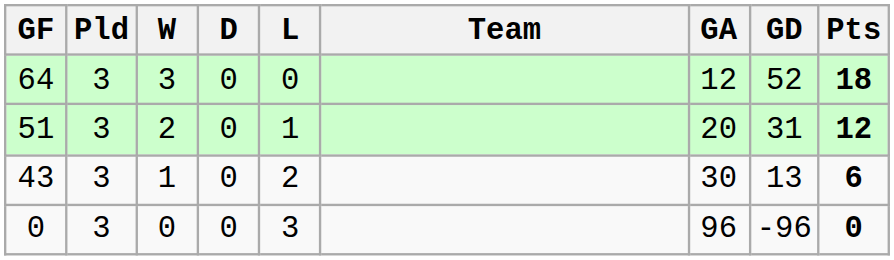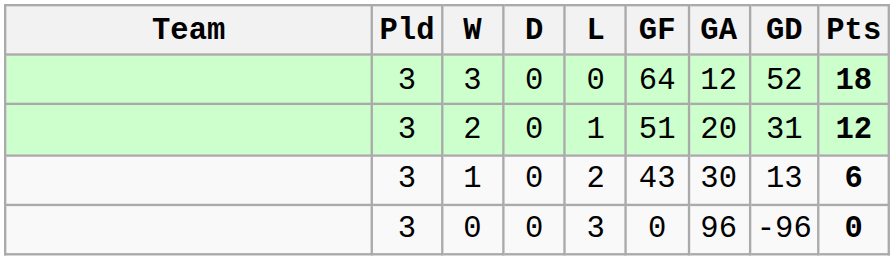 <table class="wikitable" style="text-align:center;">
 <tr>
-<th width=20>GF</th>
+<th width=150>Team</th>
 <th width=20>Pld</th>
 <th width=20>W</th>
 <th width=20>D</th>
 <th width=20>L</th>
-<th width=150>Team</th>
+<th width=20>GF</th>
 <th width=20>GA</th>
 <th width=20>GD</th>
 <th width=20>Pts</th>
 </tr>
 <tr bgcolor=ccffcc>
-<td>64</td>
+<td align="left"></td>
 <td>3</td>
 <td>3</td>
 <td>0</td>
 <td>0</td>
-<td align="left"></td>
+<td>64</td>
 <td>12</td>
 <td>52</td>
 <td><strong>18</strong></td>
 </tr>
 <tr bgcolor=ccffcc>
-<td>51</td>
+<td align="left"></td>
 <td>3</td>
 <td>2</td>
 <td>0</td>
 <td>1</td>
-<td align="left"></td>
+<td>51</td>
 <td>20</td>
 <td>31</td>
 <td><strong>12</strong></td>
 </tr>
 <tr>
-<td>43</td>
+<td align="left"></td>
 <td>3</td>
 <td>1</td>
 <td>0</td>
 <td>2</td>
-<td align="left"></td>
+<td>43</td>
 <td>30</td>
 <td>13</td>
 <td><strong>6</strong></td>
 </tr>
 <tr>
-<td>0</td>
+<td align="left"></td>
 <td>3</td>
 <td>0</td>
 <td>0</td>
 <td>3</td>
-<td align="left"></td>
+<td>0</td>
 <td>96</td>
 <td>-96</td>
 <td><strong>0</strong></td>
 </tr>
 </table>
